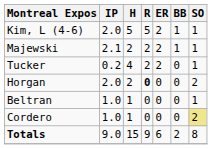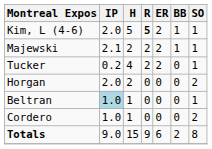 <table class="wikitable sortable">
 <tr>
 <th>Montreal Expos</th>
 <th>IP</th>
 <th>H</th>
 <th>R</th>
 <th>ER</th>
 <th>BB</th>
 <th>SO</th>
 </tr>
 <tr>
 <td>Kim, L (4-6)</td>
 <td>2.0</td>
 <td>5</td>
-<td>5</td>
+<td><strong>5</strong></td>
 <td>2</td>
 <td>1</td>
 <td>1</td>
 </tr>
 <tr>
 <td>Majewski</td>
 <td>2.1</td>
 <td>2</td>
 <td>2</td>
 <td>2</td>
 <td>1</td>
 <td>1</td>
 </tr>
 <tr>
 <td>Tucker</td>
 <td>0.2</td>
 <td>4</td>
 <td>2</td>
 <td>2</td>
 <td>0</td>
 <td>1</td>
 </tr>
 <tr>
 <td>Horgan</td>
 <td>2.0</td>
 <td>2</td>
-<td><strong>0</strong></td>
+<td>0</td>
 <td>0</td>
 <td>0</td>
 <td>2</td>
 </tr>
 <tr>
 <td>Beltran</td>
-<td>1.0</td>
+<td style="background: lightblue;">1.0</td>
 <td>1</td>
 <td>0</td>
 <td>0</td>
 <td>0</td>
 <td>1</td>
 </tr>
 <tr>
 <td>Cordero</td>
 <td>1.0</td>
 <td>1</td>
 <td>0</td>
 <td>0</td>
 <td>0</td>
-<td style="background: khaki;">2</td>
+<td>2</td>
 </tr>
 <tr>
 <td><strong>Totals</strong></td>
 <td>9.0</td>
 <td>15</td>
 <td>9</td>
 <td>6</td>
 <td>2</td>
 <td>8</td>
 </tr>
 <tr>
 </tr>
 </table>
